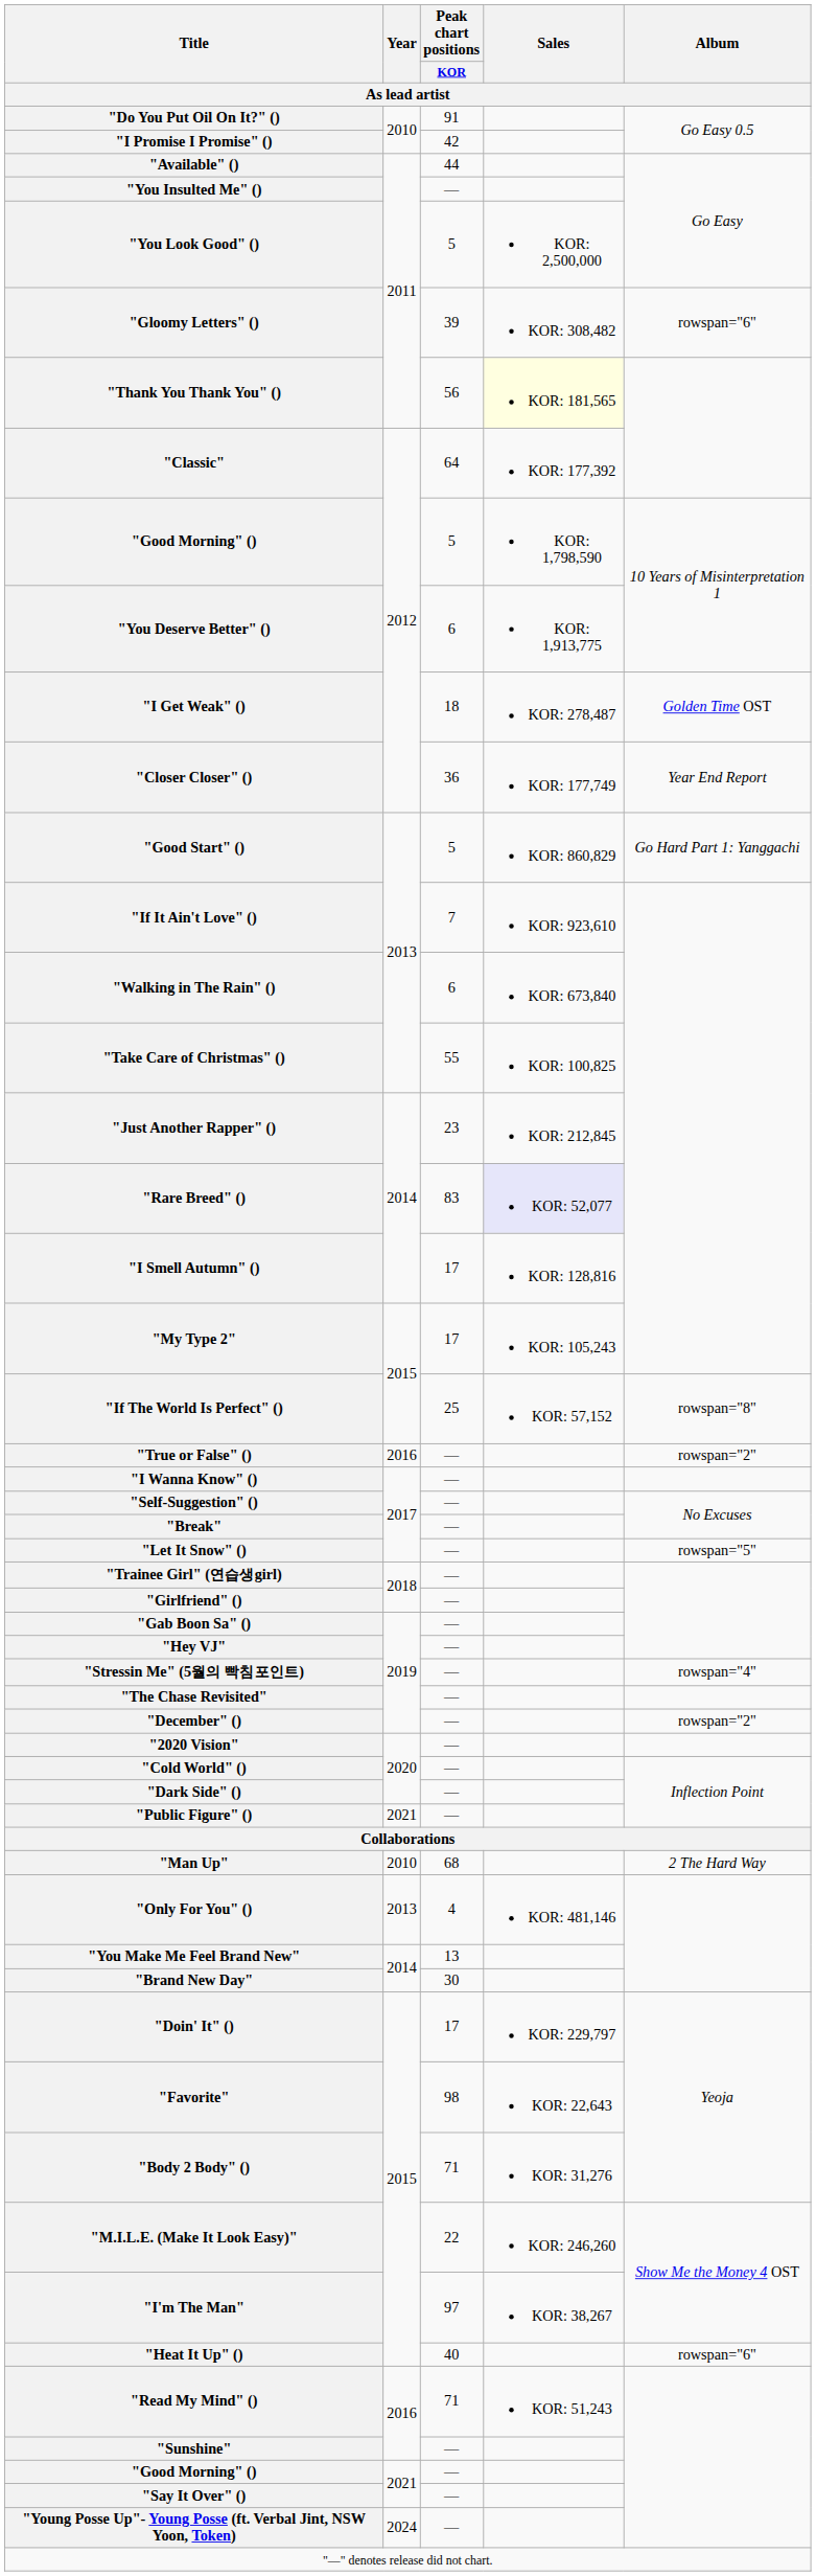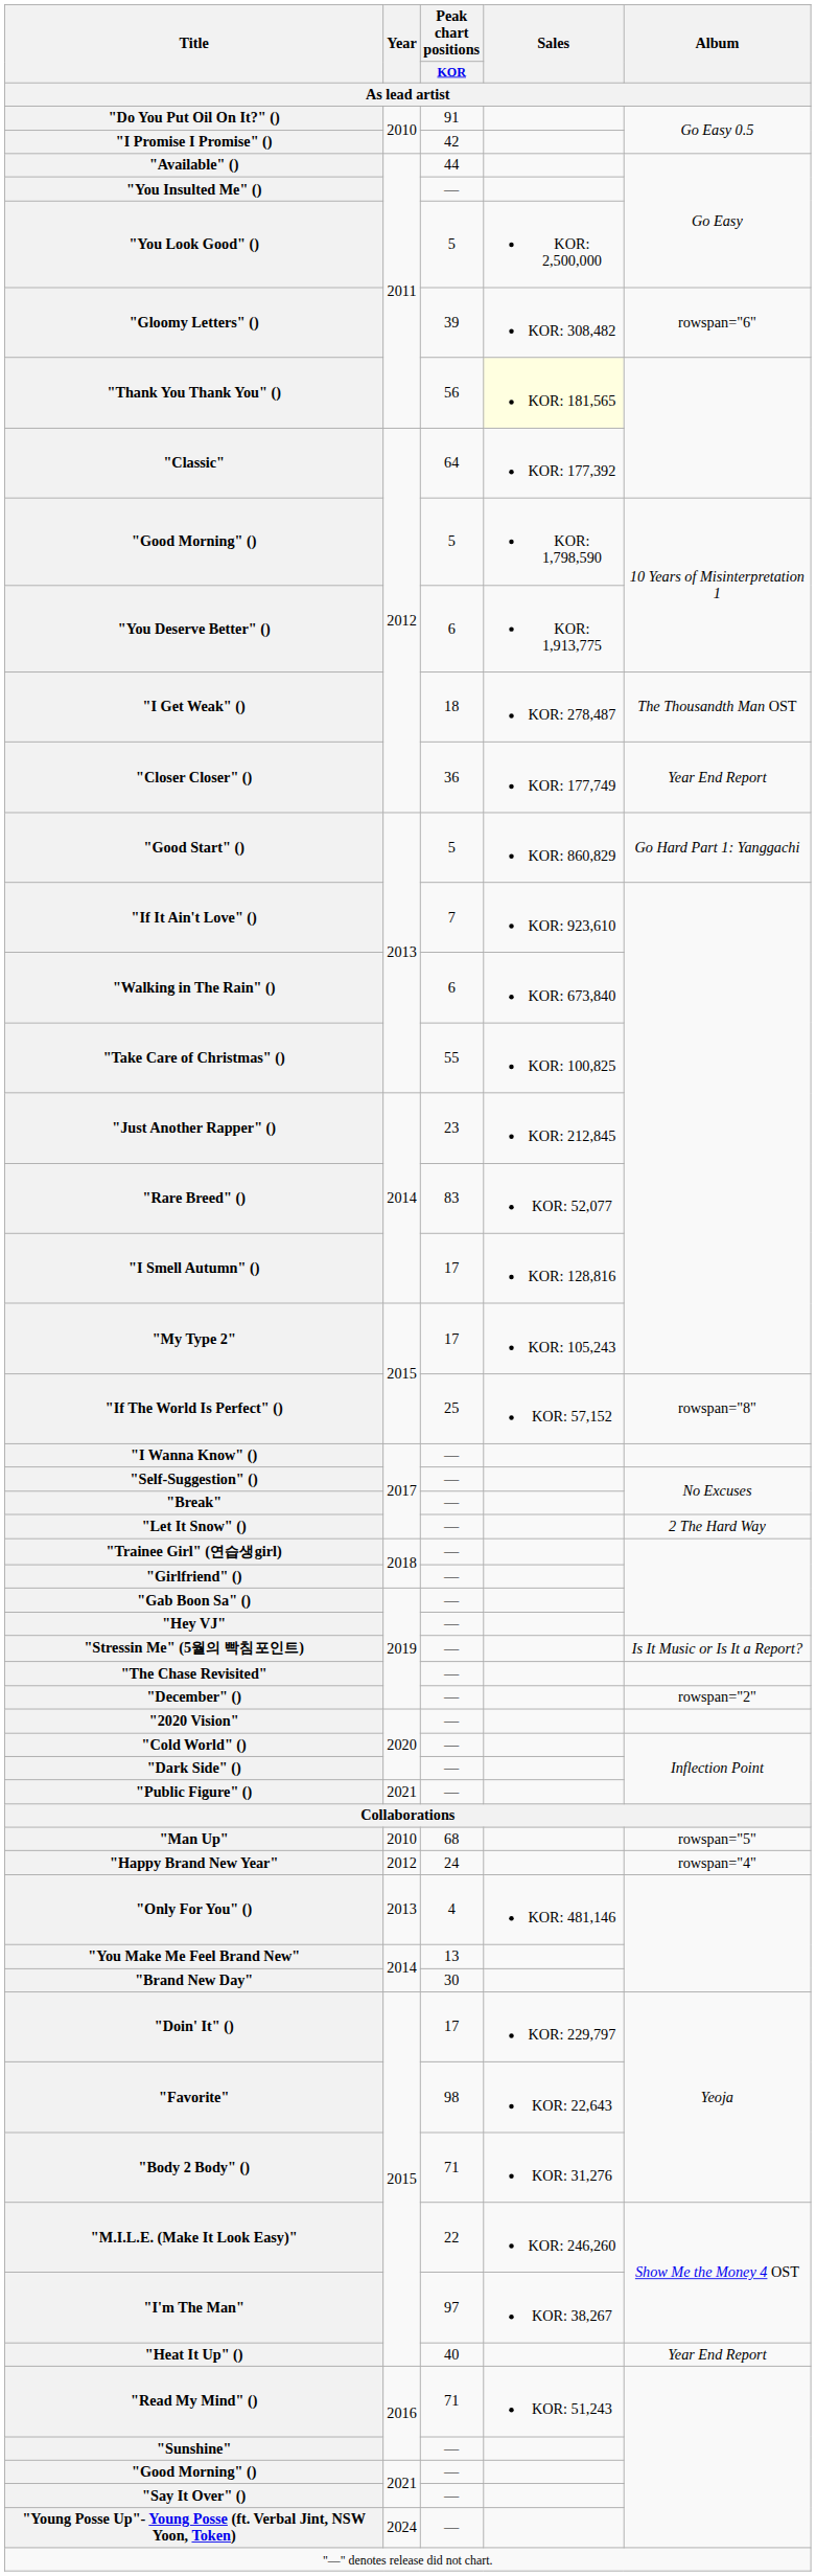 <table class="wikitable plainrowheaders" style="text-align:center;">
 <tr>
 <th scope="col" rowspan="2" style="width:25em">Title</th>
 <th scope="col" rowspan="2">Year</th>
 <th scope="col" colspan="1">Peak chart positions</th>
 <th scope="col" rowspan="2">Sales</th>
 <th scope="col" rowspan="2">Album</th>
 </tr>
 <tr>
 <th scope="col" style="width:2.5em;font-size:85%"><a href='#'>KOR</a><br></th>
 </tr>
 <tr>
 <th scope="col" colspan="5">As lead artist</th>
 </tr>
 <tr>
 <th scope="row">"Do You Put Oil On It?" ()<br></th>
 <td rowspan="2">2010</td>
 <td>91</td>
 <td></td>
 <td rowspan="2"><em>Go Easy 0.5</em></td>
 </tr>
 <tr>
 <th scope="row">"I Promise I Promise" ()<br></th>
 <td>42</td>
 <td></td>
 </tr>
 <tr>
 <th scope="row">"Available" ()<br></th>
 <td rowspan="5">2011</td>
 <td>44</td>
 <td></td>
 <td rowspan="3"><em>Go Easy</em></td>
 </tr>
 <tr>
 <th scope="row">"You Insulted Me" ()<br></th>
 <td>—</td>
 <td></td>
 </tr>
 <tr>
 <th scope="row">"You Look Good" ()<br></th>
 <td>5</td>
 <td><br><ul><li>KOR: 2,500,000</li></ul></td>
 </tr>
 <tr>
 <th scope="row">"Gloomy Letters" ()</th>
 <td>39</td>
 <td><br><ul><li>KOR: 308,482</li></ul></td>
 <td>rowspan="6" </td>
 </tr>
 <tr>
 <th scope="row">"Thank You Thank You" ()<br></th>
 <td>56</td>
 <td style="background: lightyellow;"><br><ul><li>KOR: 181,565</li></ul></td>
 </tr>
 <tr>
 <th scope="row">"Classic"</th>
 <td rowspan="5">2012</td>
 <td>64</td>
 <td><br><ul><li>KOR: 177,392</li></ul></td>
 </tr>
 <tr>
 <th scope="row">"Good Morning" ()<br></th>
 <td>5</td>
 <td><br><ul><li>KOR: 1,798,590</li></ul></td>
 <td rowspan="2"><em>10 Years of Misinterpretation 1</em></td>
 </tr>
 <tr>
 <th scope="row">"You Deserve Better" ()<br></th>
 <td>6</td>
 <td><br><ul><li>KOR: 1,913,775</li></ul></td>
 </tr>
 <tr>
 <th scope="row">"I Get Weak" ()<br></th>
 <td>18</td>
 <td><br><ul><li>KOR: 278,487</li></ul></td>
-<td><em><a href='#'>Golden Time</a></em> OST</td>
+<td><em>The Thousandth Man</em> OST</td>
 </tr>
 <tr>
 <th scope="row">"Closer Closer" ()</th>
 <td>36</td>
 <td><br><ul><li>KOR: 177,749</li></ul></td>
 <td><em>Year End Report</em></td>
 </tr>
 <tr>
 <th scope="row">"Good Start" ()<br></th>
 <td rowspan="4">2013</td>
 <td>5</td>
 <td><br><ul><li>KOR: 860,829</li></ul></td>
 <td><em>Go Hard Part 1: Yanggachi</em></td>
 </tr>
 <tr>
 <th scope="row">"If It Ain't Love" ()<br></th>
 <td>7</td>
 <td><br><ul><li>KOR: 923,610</li></ul></td>
 </tr>
 <tr>
 <th scope="row">"Walking in The Rain" ()<br></th>
 <td>6</td>
 <td><br><ul><li>KOR: 673,840</li></ul></td>
 </tr>
 <tr>
 <th scope="row">"Take Care of Christmas" ()<br></th>
 <td>55</td>
 <td><br><ul><li>KOR: 100,825</li></ul></td>
 </tr>
 <tr>
 <th scope="row">"Just Another Rapper" ()<br></th>
 <td rowspan="3">2014</td>
 <td>23</td>
 <td><br><ul><li>KOR: 212,845</li></ul></td>
 </tr>
 <tr>
 <th scope="row">"Rare Breed" ()<br></th>
 <td>83</td>
-<td style="background: lavender;"><br><ul><li>KOR: 52,077</li></ul></td>
+<td><br><ul><li>KOR: 52,077</li></ul></td>
 </tr>
 <tr>
 <th scope="row">"I Smell Autumn" ()<br></th>
 <td>17</td>
 <td><br><ul><li>KOR: 128,816</li></ul></td>
 </tr>
 <tr>
 <th scope="row">"My Type 2"<br></th>
 <td rowspan="2">2015</td>
 <td>17</td>
 <td><br><ul><li>KOR: 105,243</li></ul></td>
 </tr>
 <tr>
 <th scope="row">"If The World Is Perfect" ()<br></th>
 <td>25</td>
 <td><br><ul><li>KOR: 57,152</li></ul></td>
 <td>rowspan="8" </td>
-</tr>
-<tr>
-<th scope="row">"True or False" ()</th>
-<td>2016</td>
-<td>—</td>
-<td></td>
-<td>rowspan="2" </td>
 </tr>
 <tr>
 <th scope="row">"I Wanna Know" ()<br></th>
 <td rowspan="4">2017</td>
 <td>—</td>
 <td></td>
 </tr>
 <tr>
 <th scope="row">"Self-Suggestion" ()<br></th>
 <td>—</td>
 <td></td>
 <td rowspan="2"><em>No Excuses</em></td>
 </tr>
 <tr>
 <th scope="row">"Break"<br></th>
 <td>—</td>
 <td></td>
 </tr>
 <tr>
 <th scope="row">"Let It Snow" ()<br></th>
 <td>—</td>
 <td></td>
-<td>rowspan="5" </td>
+<td><em>2 The Hard Way</em></td>
 </tr>
 <tr>
 <th scope="row">"Trainee Girl" (연습생girl)<br></th>
 <td rowspan="2">2018</td>
 <td>—</td>
 <td></td>
 </tr>
 <tr>
 <th scope="row">"Girlfriend" ()<br></th>
 <td>—</td>
 <td></td>
 </tr>
 <tr>
 <th scope="row">"Gab Boon Sa" ()<br></th>
 <td rowspan="5">2019</td>
 <td>—</td>
 <td></td>
 </tr>
 <tr>
 <th scope="row">"Hey VJ"</th>
 <td>—</td>
 <td></td>
 </tr>
 <tr>
 <th scope="row">"Stressin Me" (5월의 빡침포인트)</th>
 <td>—</td>
 <td></td>
-<td>rowspan="4" </td>
+<td><em>Is It Music or Is It a Report?</em></td>
 </tr>
 <tr>
 <th scope="row">"The Chase Revisited"</th>
 <td>—</td>
 <td></td>
 <td></td>
 </tr>
 <tr>
 <th scope="row">"December" ()<br></th>
 <td>—</td>
 <td></td>
 <td>rowspan="2" </td>
 </tr>
 <tr>
 <th scope="row">"2020 Vision"<br></th>
 <td rowspan="3">2020</td>
 <td>—</td>
 <td></td>
 <td></td>
 </tr>
 <tr>
 <th scope="row">"Cold World" ()<br></th>
 <td>—</td>
 <td></td>
 <td rowspan="3"><em>Inflection Point</em></td>
 </tr>
 <tr>
 <th scope="row">"Dark Side" ()<br></th>
 <td>—</td>
 <td></td>
 </tr>
 <tr>
 <th scope="row">"Public Figure" ()<br></th>
 <td>2021</td>
 <td>—</td>
 <td></td>
 </tr>
 <tr>
 <th scope="col" colspan="5">Collaborations</th>
 </tr>
 <tr>
 <th scope="row">"Man Up"<br></th>
 <td>2010</td>
 <td>68</td>
 <td></td>
-<td><em>2 The Hard Way</em></td>
+<td>rowspan="5" </td>
+</tr>
+<tr>
+<th scope="row">"Happy Brand New Year" <br></th>
+<td>2012</td>
+<td>24</td>
+<td></td>
+<td>rowspan="4" </td>
 </tr>
 <tr>
 <th scope="row">"Only For You" ()<br></th>
 <td>2013</td>
 <td>4</td>
 <td><br><ul><li>KOR: 481,146</li></ul></td>
 </tr>
 <tr>
 <th scope="row">"You Make Me Feel Brand New"<br></th>
 <td rowspan="2">2014</td>
 <td>13</td>
 <td></td>
 </tr>
 <tr>
 <th scope="row">"Brand New Day"<br></th>
 <td>30</td>
 <td></td>
 </tr>
 <tr>
 <th scope="row">"Doin' It" ()<br></th>
 <td rowspan="6">2015</td>
 <td>17</td>
 <td><br><ul><li>KOR: 229,797</li></ul></td>
 <td rowspan="3"><em>Yeoja</em></td>
 </tr>
 <tr>
 <th scope="row">"Favorite"<br></th>
 <td>98</td>
 <td><br><ul><li>KOR: 22,643</li></ul></td>
 </tr>
 <tr>
 <th scope="row">"Body 2 Body" ()<br></th>
 <td>71</td>
 <td><br><ul><li>KOR: 31,276</li></ul></td>
 </tr>
 <tr>
 <th scope="row">"M.I.L.E. (Make It Look Easy)"<br></th>
 <td>22</td>
 <td><br><ul><li>KOR: 246,260</li></ul></td>
 <td rowspan="2"><em><a href='#'>Show Me the Money 4</a></em> OST</td>
 </tr>
 <tr>
 <th scope="row">"I'm The Man"<br></th>
 <td>97</td>
 <td><br><ul><li>KOR: 38,267</li></ul></td>
 </tr>
 <tr>
 <th scope="row">"Heat It Up" ()<br></th>
 <td>40</td>
 <td></td>
-<td>rowspan="6" </td>
+<td><em>Year End Report</em></td>
 </tr>
 <tr>
 <th scope="row">"Read My Mind" ()<br></th>
 <td rowspan="2">2016</td>
 <td>71</td>
 <td><br><ul><li>KOR: 51,243</li></ul></td>
 </tr>
 <tr>
 <th scope="row">"Sunshine"<br></th>
 <td>—</td>
 <td></td>
 </tr>
 <tr>
 <th scope="row">"Good Morning" ()<br></th>
 <td rowspan="2">2021</td>
 <td>—</td>
 <td></td>
 </tr>
 <tr>
 <th scope="row">"Say It Over" ()<br></th>
 <td>—</td>
 <td></td>
 </tr>
 <tr>
 <th scope="row">"Young Posse Up"- <a href='#'>Young Posse</a> (ft. Verbal Jint, NSW Yoon, <a href='#'>Token</a>)</th>
 <td>2024</td>
 <td>—</td>
 <td></td>
 </tr>
 <tr>
 <td colspan="5"><small>"—" denotes release did not chart.</small></td>
 </tr>
 </table>
